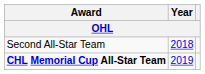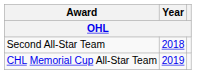 <table class="wikitable">
 <tr>
 <th>Award</th>
 <th>Year</th>
 <th></th>
 </tr>
 <tr ALIGN="center" bgcolor="#e0e0e0">
 <th colspan="3"><a href='#'>OHL</a></th>
 </tr>
 <tr>
 <td>Second All-Star Team</td>
 <td><a href='#'>2018</a></td>
 <td></td>
 </tr>
 <tr>
-<td><strong><a href='#'>CHL</a> <a href='#'>Memorial Cup</a> All-Star Team</strong></td>
+<td><a href='#'>CHL</a> <a href='#'>Memorial Cup</a> All-Star Team</td>
 <td><a href='#'>2019</a></td>
 <td></td>
 </tr>
 </table>
